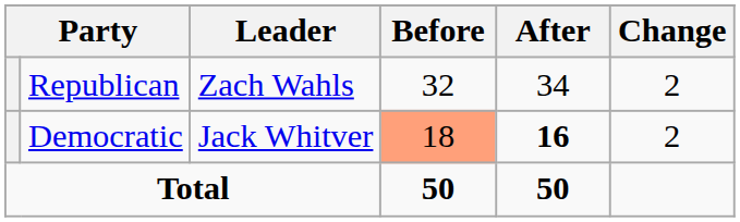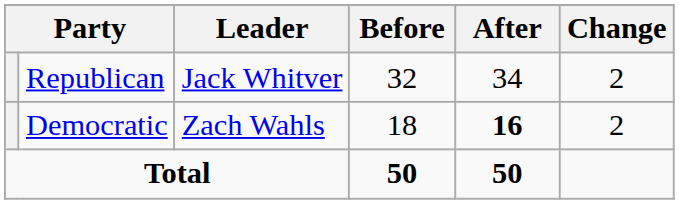 <table class="wikitable" style="text-align:center;">
 <tr>
 </tr>
 <tr>
 <th colspan=2>Party</th>
 <th>Leader</th>
 <th style="width:3em">Before</th>
 <th style="width:3em">After</th>
 <th style="width:3em">Change</th>
 </tr>
 <tr>
 <th style="background-color:"></th>
 <td style="text-align:left;"><a href='#'>Republican</a></td>
-<td style="text-align:left;"><a href='#'>Zach Wahls</a></td>
+<td style="text-align:left;"><a href='#'>Jack Whitver</a></td>
 <td>32</td>
 <td>34</td>
 <td> 2</td>
 </tr>
 <tr>
 <th style="background-color:"></th>
 <td style="text-align:left;"><a href='#'>Democratic</a></td>
-<td style="text-align:left;"><a href='#'>Jack Whitver</a></td>
-<td style="background: lightsalmon;">18</td>
+<td style="text-align:left;"><a href='#'>Zach Wahls</a></td>
+<td>18</td>
 <td><strong>16</strong></td>
 <td> 2</td>
 </tr>
 <tr>
 <td colspan=3><strong>Total</strong></td>
 <td><strong>50</strong></td>
 <td><strong>50</strong></td>
 <td></td>
 </tr>
 </table>
